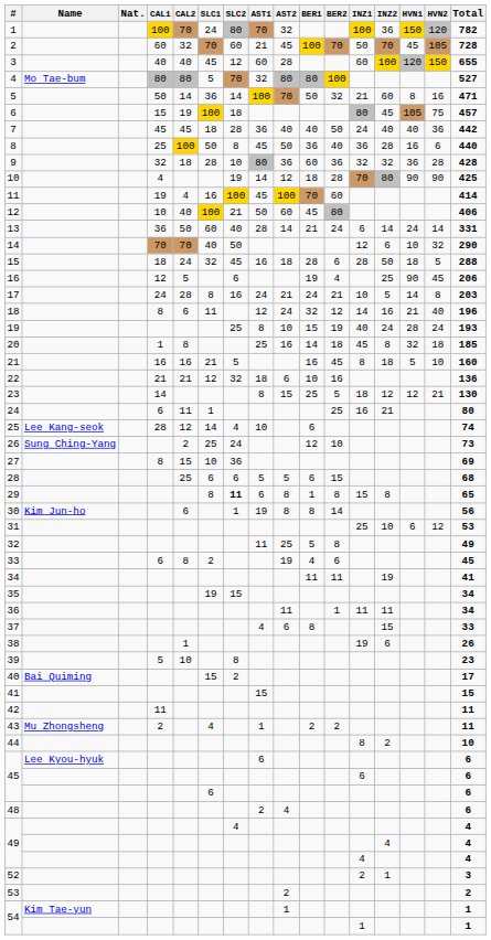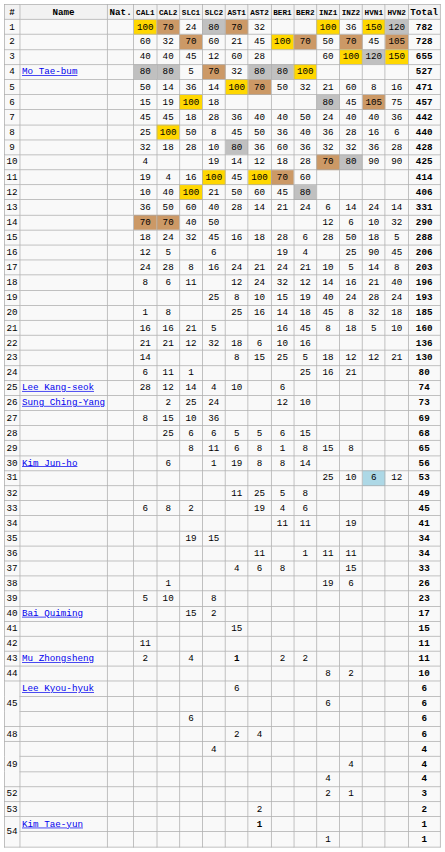 <table class="wikitable sortable" style="text-align:center;">
 <tr>
 <th>#</th>
 <th>Name</th>
 <th>Nat.</th>
 <th><small>CAL1</small></th>
 <th><small>CAL2</small></th>
 <th><small>SLC1</small></th>
 <th><small>SLC2</small></th>
 <th><small>AST1</small></th>
 <th><small>AST2</small></th>
 <th><small>BER1</small></th>
 <th><small>BER2</small></th>
 <th><small>INZ1</small></th>
 <th><small>INZ2</small></th>
 <th><small>HVN1</small></th>
 <th><small>HVN2</small></th>
 <th>Total</th>
 </tr>
 <tr>
 <td>1</td>
 <td align=left></td>
 <td></td>
 <td bgcolor=gold>100</td>
 <td bgcolor=cc9966>70</td>
 <td>24</td>
 <td bgcolor=silver>80</td>
 <td bgcolor=cc9966>70</td>
 <td>32</td>
 <td></td>
 <td></td>
 <td bgcolor=gold>100</td>
 <td>36</td>
 <td bgcolor=gold>150</td>
 <td bgcolor=silver>120</td>
 <td><strong>782</strong></td>
 </tr>
 <tr>
 <td>2</td>
 <td align=left></td>
 <td></td>
 <td>60</td>
 <td>32</td>
 <td bgcolor=cc9966>70</td>
 <td>60</td>
 <td>21</td>
 <td>45</td>
 <td bgcolor=gold>100</td>
 <td bgcolor=cc9966>70</td>
 <td>50</td>
 <td bgcolor=cc9966>70</td>
 <td>45</td>
 <td bgcolor=cc9966>105</td>
 <td><strong>728</strong></td>
 </tr>
 <tr>
 <td>3</td>
 <td align=left></td>
 <td></td>
 <td>40</td>
 <td>40</td>
 <td>45</td>
 <td>12</td>
 <td>60</td>
 <td>28</td>
 <td></td>
 <td></td>
 <td>60</td>
 <td bgcolor=gold>100</td>
 <td bgcolor=silver>120</td>
 <td bgcolor=gold>150</td>
 <td><strong>655</strong></td>
 </tr>
 <tr>
 <td>4</td>
 <td align=left><a href='#'>Mo Tae-bum</a></td>
 <td></td>
 <td bgcolor=silver>80</td>
 <td bgcolor=silver>80</td>
 <td>5</td>
 <td bgcolor=cc9966>70</td>
 <td>32</td>
 <td bgcolor=silver>80</td>
 <td bgcolor=silver>80</td>
 <td bgcolor=gold>100</td>
 <td></td>
 <td></td>
 <td></td>
 <td></td>
 <td><strong>527</strong></td>
 </tr>
 <tr>
 <td>5</td>
 <td align=left></td>
 <td></td>
 <td>50</td>
 <td>14</td>
 <td>36</td>
 <td>14</td>
 <td bgcolor=gold>100</td>
 <td bgcolor=cc9966>70</td>
 <td>50</td>
 <td>32</td>
 <td>21</td>
 <td>60</td>
 <td>8</td>
 <td>16</td>
 <td><strong>471</strong></td>
 </tr>
 <tr>
 <td>6</td>
 <td align=left></td>
 <td></td>
 <td>15</td>
 <td>19</td>
 <td bgcolor=gold>100</td>
 <td>18</td>
 <td></td>
 <td></td>
 <td></td>
 <td></td>
 <td bgcolor=silver>80</td>
 <td>45</td>
 <td bgcolor=cc9966>105</td>
 <td>75</td>
 <td><strong>457</strong></td>
 </tr>
 <tr>
 <td>7</td>
 <td align=left></td>
 <td></td>
 <td>45</td>
 <td>45</td>
 <td>18</td>
 <td>28</td>
 <td>36</td>
 <td>40</td>
 <td>40</td>
 <td>50</td>
 <td>24</td>
 <td>40</td>
 <td>40</td>
 <td>36</td>
 <td><strong>442</strong></td>
 </tr>
 <tr>
 <td>8</td>
 <td align=left></td>
 <td></td>
 <td>25</td>
 <td bgcolor=gold>100</td>
 <td>50</td>
 <td>8</td>
 <td>45</td>
 <td>50</td>
 <td>36</td>
 <td>40</td>
 <td>36</td>
 <td>28</td>
 <td>16</td>
 <td>6</td>
 <td><strong>440</strong></td>
 </tr>
 <tr>
 <td>9</td>
 <td align=left></td>
 <td></td>
 <td>32</td>
 <td>18</td>
 <td>28</td>
 <td>10</td>
 <td bgcolor=silver>80</td>
 <td>36</td>
 <td>60</td>
 <td>36</td>
 <td>32</td>
 <td>32</td>
 <td>36</td>
 <td>28</td>
 <td><strong>428</strong></td>
 </tr>
 <tr>
 <td>10</td>
 <td align=left></td>
 <td></td>
 <td>4</td>
 <td></td>
 <td></td>
 <td>19</td>
 <td>14</td>
 <td>12</td>
 <td>18</td>
 <td>28</td>
 <td bgcolor=cc9966>70</td>
 <td bgcolor=silver>80</td>
 <td>90</td>
 <td>90</td>
 <td><strong>425</strong></td>
 </tr>
 <tr>
 <td>11</td>
 <td align=left></td>
 <td></td>
 <td>19</td>
 <td>4</td>
 <td>16</td>
 <td bgcolor=gold>100</td>
 <td>45</td>
 <td bgcolor=gold>100</td>
 <td bgcolor=cc9966>70</td>
 <td>60</td>
 <td></td>
 <td></td>
 <td></td>
 <td></td>
 <td><strong>414</strong></td>
 </tr>
 <tr>
 <td>12</td>
 <td align=left></td>
 <td></td>
 <td>10</td>
 <td>40</td>
 <td bgcolor=gold>100</td>
 <td>21</td>
 <td>50</td>
 <td>60</td>
 <td>45</td>
 <td bgcolor=silver>80</td>
 <td></td>
 <td></td>
 <td></td>
 <td></td>
 <td><strong>406</strong></td>
 </tr>
 <tr>
 <td>13</td>
 <td align=left></td>
 <td></td>
 <td>36</td>
 <td>50</td>
 <td>60</td>
 <td>40</td>
 <td>28</td>
 <td>14</td>
 <td>21</td>
 <td>24</td>
 <td>6</td>
 <td>14</td>
 <td>24</td>
 <td>14</td>
 <td><strong>331</strong></td>
 </tr>
 <tr>
 <td>14</td>
 <td align=left></td>
 <td></td>
 <td bgcolor=cc9966>70</td>
 <td bgcolor=cc9966>70</td>
 <td>40</td>
 <td>50</td>
 <td></td>
 <td></td>
 <td></td>
 <td></td>
 <td>12</td>
 <td>6</td>
 <td>10</td>
 <td>32</td>
 <td><strong>290</strong></td>
 </tr>
 <tr>
 <td>15</td>
 <td align=left></td>
 <td></td>
 <td>18</td>
 <td>24</td>
 <td>32</td>
 <td>45</td>
 <td>16</td>
 <td>18</td>
 <td>28</td>
 <td>6</td>
 <td>28</td>
 <td>50</td>
 <td>18</td>
 <td>5</td>
 <td><strong>288</strong></td>
 </tr>
 <tr>
 <td>16</td>
 <td align=left></td>
 <td></td>
 <td>12</td>
 <td>5</td>
 <td></td>
 <td>6</td>
 <td></td>
 <td></td>
 <td>19</td>
 <td>4</td>
 <td></td>
 <td>25</td>
 <td>90</td>
 <td>45</td>
 <td><strong>206</strong></td>
 </tr>
 <tr>
 <td>17</td>
 <td align=left></td>
 <td></td>
 <td>24</td>
 <td>28</td>
 <td>8</td>
 <td>16</td>
 <td>24</td>
 <td>21</td>
 <td>24</td>
 <td>21</td>
 <td>10</td>
 <td>5</td>
 <td>14</td>
 <td>8</td>
 <td><strong>203</strong></td>
 </tr>
 <tr>
 <td>18</td>
 <td align=left></td>
 <td></td>
 <td>8</td>
 <td>6</td>
 <td>11</td>
 <td></td>
 <td>12</td>
 <td>24</td>
 <td>32</td>
 <td>12</td>
 <td>14</td>
 <td>16</td>
 <td>21</td>
 <td>40</td>
 <td><strong>196</strong></td>
 </tr>
 <tr>
 <td>19</td>
 <td align=left></td>
 <td></td>
 <td></td>
 <td></td>
 <td></td>
 <td>25</td>
 <td>8</td>
 <td>10</td>
 <td>15</td>
 <td>19</td>
 <td>40</td>
 <td>24</td>
 <td>28</td>
 <td>24</td>
 <td><strong>193</strong></td>
 </tr>
 <tr>
 <td>20</td>
 <td align=left></td>
 <td></td>
 <td>1</td>
 <td>8</td>
 <td></td>
 <td></td>
 <td>25</td>
 <td>16</td>
 <td>14</td>
 <td>18</td>
 <td>45</td>
 <td>8</td>
 <td>32</td>
 <td>18</td>
 <td><strong>185</strong></td>
 </tr>
 <tr>
 <td>21</td>
 <td align=left></td>
 <td></td>
 <td>16</td>
 <td>16</td>
 <td>21</td>
 <td>5</td>
 <td></td>
 <td></td>
 <td>16</td>
 <td>45</td>
 <td>8</td>
 <td>18</td>
 <td>5</td>
 <td>10</td>
 <td><strong>160</strong></td>
 </tr>
 <tr>
 <td>22</td>
 <td align=left></td>
 <td></td>
 <td>21</td>
 <td>21</td>
 <td>12</td>
 <td>32</td>
 <td>18</td>
 <td>6</td>
 <td>10</td>
 <td>16</td>
 <td></td>
 <td></td>
 <td></td>
 <td></td>
 <td><strong>136</strong></td>
 </tr>
 <tr>
 <td>23</td>
 <td align=left></td>
 <td></td>
 <td>14</td>
 <td></td>
 <td></td>
 <td></td>
 <td>8</td>
 <td>15</td>
 <td>25</td>
 <td>5</td>
 <td>18</td>
 <td>12</td>
 <td>12</td>
 <td>21</td>
 <td><strong>130</strong></td>
 </tr>
 <tr>
 <td>24</td>
 <td align=left></td>
 <td></td>
 <td>6</td>
 <td>11</td>
 <td>1</td>
 <td></td>
 <td></td>
 <td></td>
 <td></td>
 <td>25</td>
 <td>16</td>
 <td>21</td>
 <td></td>
 <td></td>
 <td><strong>80</strong></td>
 </tr>
 <tr>
 <td>25</td>
 <td align=left><a href='#'>Lee Kang-seok</a></td>
 <td></td>
 <td>28</td>
 <td>12</td>
 <td>14</td>
 <td>4</td>
 <td>10</td>
 <td></td>
 <td>6</td>
 <td></td>
 <td></td>
 <td></td>
 <td></td>
 <td></td>
 <td><strong>74</strong></td>
 </tr>
 <tr>
 <td>26</td>
 <td align=left><a href='#'>Sung Ching-Yang</a></td>
 <td></td>
 <td></td>
 <td>2</td>
 <td>25</td>
 <td>24</td>
 <td></td>
 <td></td>
 <td>12</td>
 <td>10</td>
 <td></td>
 <td></td>
 <td></td>
 <td></td>
 <td><strong>73</strong></td>
 </tr>
 <tr>
 <td>27</td>
 <td align=left></td>
 <td></td>
 <td>8</td>
 <td>15</td>
 <td>10</td>
 <td>36</td>
 <td></td>
 <td></td>
 <td></td>
 <td></td>
 <td></td>
 <td></td>
 <td></td>
 <td></td>
 <td><strong>69</strong></td>
 </tr>
 <tr>
 <td>28</td>
 <td align=left></td>
 <td></td>
 <td></td>
 <td>25</td>
 <td>6</td>
 <td>6</td>
 <td>5</td>
 <td>5</td>
 <td>6</td>
 <td>15</td>
 <td></td>
 <td></td>
 <td></td>
 <td></td>
 <td><strong>68</strong></td>
 </tr>
 <tr>
 <td>29</td>
 <td align=left></td>
 <td></td>
 <td></td>
 <td></td>
 <td>8</td>
-<td><strong>11</strong></td>
+<td>11</td>
 <td>6</td>
 <td>8</td>
 <td>1</td>
 <td>8</td>
 <td>15</td>
 <td>8</td>
 <td></td>
 <td></td>
 <td><strong>65</strong></td>
 </tr>
 <tr>
 <td>30</td>
 <td align=left><a href='#'>Kim Jun-ho</a></td>
 <td></td>
 <td></td>
 <td>6</td>
 <td></td>
 <td>1</td>
 <td>19</td>
 <td>8</td>
 <td>8</td>
 <td>14</td>
 <td></td>
 <td></td>
 <td></td>
 <td></td>
 <td><strong>56</strong></td>
 </tr>
 <tr>
 <td>31</td>
 <td align=left></td>
 <td></td>
 <td></td>
 <td></td>
 <td></td>
 <td></td>
 <td></td>
 <td></td>
 <td></td>
 <td></td>
 <td>25</td>
 <td>10</td>
-<td>6</td>
+<td style="background: lightblue;">6</td>
 <td>12</td>
 <td><strong>53</strong></td>
 </tr>
 <tr>
 <td>32</td>
 <td align=left></td>
 <td></td>
 <td></td>
 <td></td>
 <td></td>
 <td></td>
 <td>11</td>
 <td>25</td>
 <td>5</td>
 <td>8</td>
 <td></td>
 <td></td>
 <td></td>
 <td></td>
 <td><strong>49</strong></td>
 </tr>
 <tr>
 <td>33</td>
 <td align=left></td>
 <td></td>
 <td>6</td>
 <td>8</td>
 <td>2</td>
 <td></td>
 <td></td>
 <td>19</td>
 <td>4</td>
 <td>6</td>
 <td></td>
 <td></td>
 <td></td>
 <td></td>
 <td><strong>45</strong></td>
 </tr>
 <tr>
 <td>34</td>
 <td align=left></td>
 <td></td>
 <td></td>
 <td></td>
 <td></td>
 <td></td>
 <td></td>
 <td></td>
 <td>11</td>
 <td>11</td>
 <td></td>
 <td>19</td>
 <td></td>
 <td></td>
 <td><strong>41</strong></td>
 </tr>
 <tr>
 <td>35</td>
 <td align=left></td>
 <td></td>
 <td></td>
 <td></td>
 <td>19</td>
 <td>15</td>
 <td></td>
 <td></td>
 <td></td>
 <td></td>
 <td></td>
 <td></td>
 <td></td>
 <td></td>
 <td><strong>34</strong></td>
 </tr>
 <tr>
 <td>36</td>
 <td align=left></td>
 <td></td>
 <td></td>
 <td></td>
 <td></td>
 <td></td>
 <td></td>
 <td>11</td>
 <td></td>
 <td>1</td>
 <td>11</td>
 <td>11</td>
 <td></td>
 <td></td>
 <td><strong>34</strong></td>
 </tr>
 <tr>
 <td>37</td>
 <td align=left></td>
 <td></td>
 <td></td>
 <td></td>
 <td></td>
 <td></td>
 <td>4</td>
 <td>6</td>
 <td>8</td>
 <td></td>
 <td></td>
 <td>15</td>
 <td></td>
 <td></td>
 <td><strong>33</strong></td>
 </tr>
 <tr>
 <td>38</td>
 <td align=left></td>
 <td></td>
 <td></td>
 <td>1</td>
 <td></td>
 <td></td>
 <td></td>
 <td></td>
 <td></td>
 <td></td>
 <td>19</td>
 <td>6</td>
 <td></td>
 <td></td>
 <td><strong>26</strong></td>
 </tr>
 <tr>
 <td>39</td>
 <td align=left></td>
 <td></td>
 <td>5</td>
 <td>10</td>
 <td></td>
 <td>8</td>
 <td></td>
 <td></td>
 <td></td>
 <td></td>
 <td></td>
 <td></td>
 <td></td>
 <td></td>
 <td><strong>23</strong></td>
 </tr>
 <tr>
 <td>40</td>
 <td align=left><a href='#'>Bai Quiming</a></td>
 <td></td>
 <td></td>
 <td></td>
 <td>15</td>
 <td>2</td>
 <td></td>
 <td></td>
 <td></td>
 <td></td>
 <td></td>
 <td></td>
 <td></td>
 <td></td>
 <td><strong>17</strong></td>
 </tr>
 <tr>
 <td>41</td>
 <td align=left></td>
 <td></td>
 <td></td>
 <td></td>
 <td></td>
 <td></td>
 <td>15</td>
 <td></td>
 <td></td>
 <td></td>
 <td></td>
 <td></td>
 <td></td>
 <td></td>
 <td><strong>15</strong></td>
 </tr>
 <tr>
 <td>42</td>
 <td align=left></td>
 <td></td>
 <td>11</td>
 <td></td>
 <td></td>
 <td></td>
 <td></td>
 <td></td>
 <td></td>
 <td></td>
 <td></td>
 <td></td>
 <td></td>
 <td></td>
 <td><strong>11</strong></td>
 </tr>
 <tr>
 <td>43</td>
 <td align=left><a href='#'>Mu Zhongsheng</a></td>
 <td></td>
 <td>2</td>
 <td></td>
 <td>4</td>
 <td></td>
-<td>1</td>
+<td><strong>1</strong></td>
 <td></td>
 <td>2</td>
 <td>2</td>
 <td></td>
 <td></td>
 <td></td>
 <td></td>
 <td><strong>11</strong></td>
 </tr>
 <tr>
 <td>44</td>
 <td align=left></td>
 <td></td>
 <td></td>
 <td></td>
 <td></td>
 <td></td>
 <td></td>
 <td></td>
 <td></td>
 <td></td>
 <td>8</td>
 <td>2</td>
 <td></td>
 <td></td>
 <td><strong>10</strong></td>
 </tr>
 <tr>
 <td rowspan=3>45</td>
 <td align=left><a href='#'>Lee Kyou-hyuk</a></td>
 <td></td>
 <td></td>
 <td></td>
 <td></td>
 <td></td>
 <td>6</td>
 <td></td>
 <td></td>
 <td></td>
 <td></td>
 <td></td>
 <td></td>
 <td></td>
 <td><strong>6</strong></td>
 </tr>
 <tr>
 <td align=left></td>
 <td></td>
 <td></td>
 <td></td>
 <td></td>
 <td></td>
 <td></td>
 <td></td>
 <td></td>
 <td></td>
 <td>6</td>
 <td></td>
 <td></td>
 <td></td>
 <td><strong>6</strong></td>
 </tr>
 <tr>
 <td align=left></td>
 <td></td>
 <td></td>
 <td></td>
 <td>6</td>
 <td></td>
 <td></td>
 <td></td>
 <td></td>
 <td></td>
 <td></td>
 <td></td>
 <td></td>
 <td></td>
 <td><strong>6</strong></td>
 </tr>
 <tr>
 <td>48</td>
 <td align=left></td>
 <td></td>
 <td></td>
 <td></td>
 <td></td>
 <td></td>
 <td>2</td>
 <td>4</td>
 <td></td>
 <td></td>
 <td></td>
 <td></td>
 <td></td>
 <td></td>
 <td><strong>6</strong></td>
 </tr>
 <tr>
 <td rowspan=3>49</td>
 <td align=left></td>
 <td></td>
 <td></td>
 <td></td>
 <td></td>
 <td>4</td>
 <td></td>
 <td></td>
 <td></td>
 <td></td>
 <td></td>
 <td></td>
 <td></td>
 <td></td>
 <td><strong>4</strong></td>
 </tr>
 <tr>
 <td align=left></td>
 <td></td>
 <td></td>
 <td></td>
 <td></td>
 <td></td>
 <td></td>
 <td></td>
 <td></td>
 <td></td>
 <td></td>
 <td>4</td>
 <td></td>
 <td></td>
 <td><strong>4</strong></td>
 </tr>
 <tr>
 <td align=left></td>
 <td></td>
 <td></td>
 <td></td>
 <td></td>
 <td></td>
 <td></td>
 <td></td>
 <td></td>
 <td></td>
 <td>4</td>
 <td></td>
 <td></td>
 <td></td>
 <td><strong>4</strong></td>
 </tr>
 <tr>
 <td>52</td>
 <td align=left></td>
 <td></td>
 <td></td>
 <td></td>
 <td></td>
 <td></td>
 <td></td>
 <td></td>
 <td></td>
 <td></td>
 <td>2</td>
 <td>1</td>
 <td></td>
 <td></td>
 <td><strong>3</strong></td>
 </tr>
 <tr>
 <td>53</td>
 <td align=left></td>
 <td></td>
 <td></td>
 <td></td>
 <td></td>
 <td></td>
 <td></td>
 <td>2</td>
 <td></td>
 <td></td>
 <td></td>
 <td></td>
 <td></td>
 <td></td>
 <td><strong>2</strong></td>
 </tr>
 <tr>
 <td rowspan=2>54</td>
 <td align=left><a href='#'>Kim Tae-yun</a></td>
 <td></td>
 <td></td>
 <td></td>
 <td></td>
 <td></td>
 <td></td>
-<td>1</td>
+<td><strong>1</strong></td>
 <td></td>
 <td></td>
 <td></td>
 <td></td>
 <td></td>
 <td></td>
 <td><strong>1</strong></td>
 </tr>
 <tr>
 <td align=left></td>
 <td></td>
 <td></td>
 <td></td>
 <td></td>
 <td></td>
 <td></td>
 <td></td>
 <td></td>
 <td></td>
 <td>1</td>
 <td></td>
 <td></td>
 <td></td>
 <td><strong>1</strong></td>
 </tr>
 </table>
